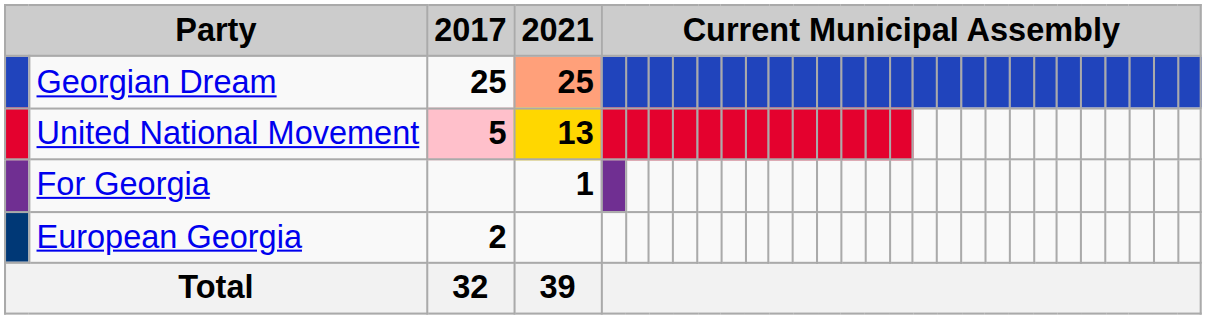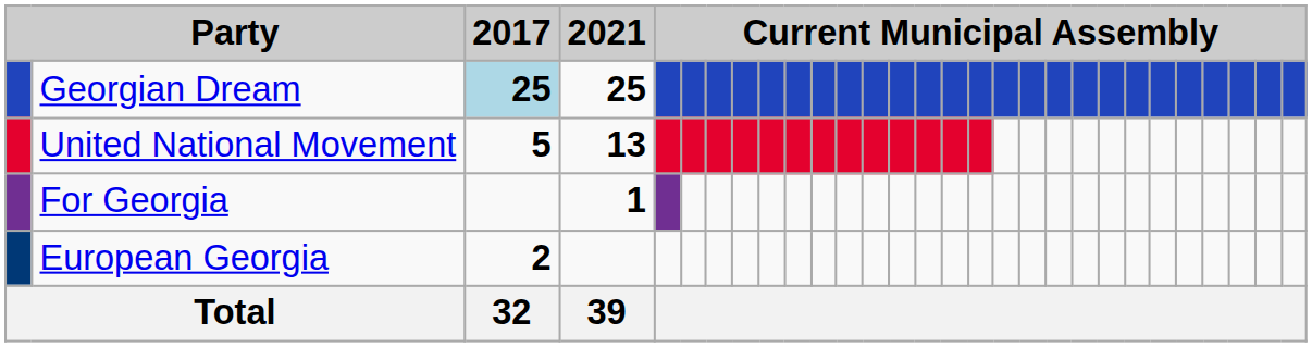 <table class="wikitable">
 <tr>
 <th style="background:#ccc" colspan="2">Party</th>
 <th style="background:#ccc">2017</th>
 <th style="background:#ccc">2021</th>
 <th colspan="38" style="background:#ccc">Current Municipal Assembly</th>
 </tr>
 <tr>
 <td style="background-color: #2044bc"> </td>
 <td><a href='#'>Georgian Dream</a></td>
+<td style="background: lightblue; text-align: right"><strong>25</strong></td>
 <td style="text-align: right"><strong>25</strong></td>
-<td style="background: lightsalmon; text-align: right"><strong>25</strong></td>
 <td style="background-color: #2044bc"></td>
 <td style="background-color: #2044bc"> </td>
 <td style="background-color: #2044bc"> </td>
 <td style="background-color: #2044bc"> </td>
 <td style="background-color: #2044bc"> </td>
 <td style="background-color: #2044bc"> </td>
 <td style="background-color: #2044bc"> </td>
 <td style="background-color: #2044bc"> </td>
 <td style="background-color: #2044bc"> </td>
 <td style="background-color: #2044bc"> </td>
 <td style="background-color: #2044bc"> </td>
 <td style="background-color: #2044bc"> </td>
 <td style="background-color: #2044bc"> </td>
 <td style="background-color: #2044bc"> </td>
 <td style="background-color: #2044bc"> </td>
 <td style="background-color: #2044bc"> </td>
 <td style="background-color: #2044bc"> </td>
 <td style="background-color: #2044bc"> </td>
 <td style="background-color: #2044bc"> </td>
 <td style="background-color: #2044bc"> </td>
 <td style="background-color: #2044bc"> </td>
 <td style="background-color: #2044bc"> </td>
 <td style="background-color: #2044bc"> </td>
 <td style="background-color: #2044bc"> </td>
 <td style="background-color: #2044bc"> </td>
 </tr>
 <tr>
 <td style="background-color: #e4012e"> </td>
 <td><a href='#'>United National Movement</a></td>
-<td style="background: pink; text-align: right"><strong>5</strong></td>
-<td style="background: gold; text-align: right"><strong>13</strong></td>
+<td style="text-align: right"><strong>5</strong></td>
+<td style="text-align: right"><strong>13</strong></td>
 <td style="background-color: #e4012e"> </td>
 <td style="background-color: #e4012e"> </td>
 <td style="background-color: #e4012e"> </td>
 <td style="background-color: #e4012e"> </td>
 <td style="background-color: #e4012e"> </td>
 <td style="background-color: #e4012e"> </td>
 <td style="background-color: #e4012e"> </td>
 <td style="background-color: #e4012e"> </td>
 <td style="background-color: #e4012e"> </td>
 <td style="background-color: #e4012e"> </td>
 <td style="background-color: #e4012e"> </td>
 <td style="background-color: #e4012e"> </td>
 <td style="background-color: #e4012e"> </td>
 <td></td>
 <td></td>
 <td></td>
 <td></td>
 <td></td>
 <td></td>
 <td></td>
 <td></td>
 <td></td>
 <td></td>
 <td></td>
 <td></td>
 </tr>
 <tr>
 <td style="background-color: #702F92"> </td>
 <td><a href='#'>For Georgia</a></td>
 <td></td>
 <td style="text-align: right"><strong>1</strong></td>
 <td style="background-color: #702f92"> </td>
 <td></td>
 <td></td>
 <td></td>
 <td></td>
 <td></td>
 <td></td>
 <td></td>
 <td></td>
 <td></td>
 <td></td>
 <td></td>
 <td></td>
 <td></td>
 <td></td>
 <td></td>
 <td></td>
 <td></td>
 <td></td>
 <td></td>
 <td></td>
 <td></td>
 <td></td>
 <td></td>
 <td></td>
 </tr>
 <tr>
 <td style="background-color: #003876"> </td>
 <td><a href='#'>European Georgia</a></td>
 <td style="text-align: right"><strong>2</strong></td>
 <td></td>
 <td></td>
 <td></td>
 <td></td>
 <td></td>
 <td></td>
 <td></td>
 <td></td>
 <td></td>
 <td></td>
 <td></td>
 <td></td>
 <td></td>
 <td></td>
 <td></td>
 <td></td>
 <td></td>
 <td></td>
 <td></td>
 <td></td>
 <td></td>
 <td></td>
 <td></td>
 <td></td>
 <td></td>
 <td></td>
 </tr>
 <tr>
 <th colspan="2">Total</th>
 <th align="right">32</th>
 <th align="right">39</th>
 <th colspan="38"> </th>
 </tr>
 </table>
